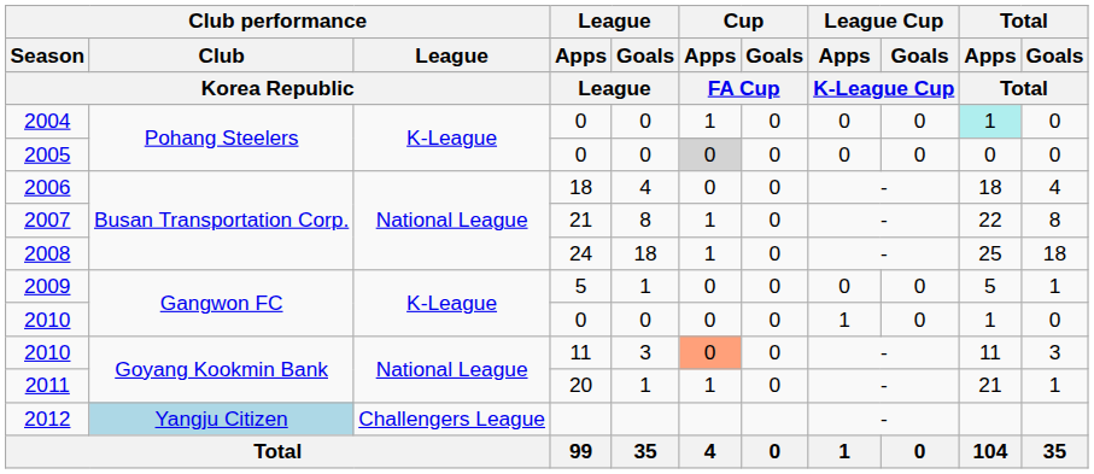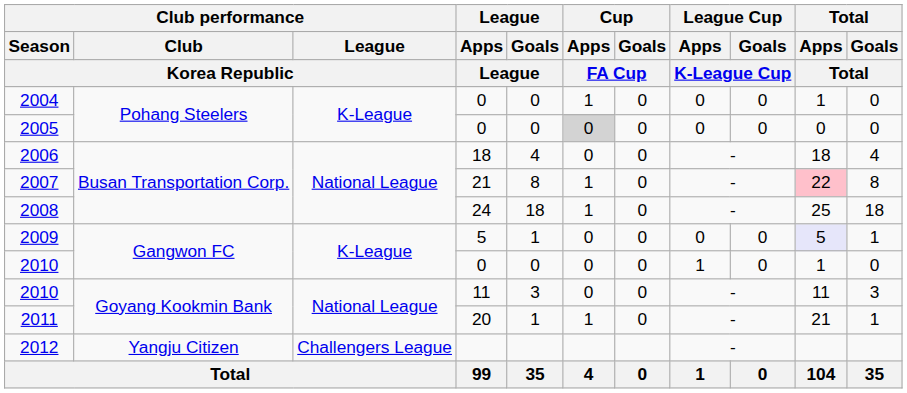 <table class="wikitable" style="text-align:center;">
 <tr>
 <th colspan=3>Club performance</th>
 <th colspan=2>League</th>
 <th colspan=2>Cup</th>
 <th colspan=2>League Cup</th>
 <th colspan=2>Total</th>
 </tr>
 <tr>
 <th>Season</th>
 <th>Club</th>
 <th>League</th>
 <th>Apps</th>
 <th>Goals</th>
 <th>Apps</th>
 <th>Goals</th>
 <th>Apps</th>
 <th>Goals</th>
 <th>Apps</th>
 <th>Goals</th>
 </tr>
 <tr>
 <th colspan=3>Korea Republic</th>
 <th colspan=2>League</th>
 <th colspan=2><a href='#'>FA Cup</a></th>
 <th colspan=2><a href='#'>K-League Cup</a></th>
 <th colspan=2>Total</th>
 </tr>
 <tr>
 <td><a href='#'>2004</a></td>
 <td rowspan=2><a href='#'>Pohang Steelers</a></td>
 <td rowspan=2><a href='#'>K-League</a></td>
 <td>0</td>
 <td>0</td>
 <td>1</td>
 <td>0</td>
 <td>0</td>
 <td>0</td>
-<td style="background: paleturquoise;">1</td>
+<td>1</td>
 <td>0</td>
 </tr>
 <tr>
 <td><a href='#'>2005</a></td>
 <td>0</td>
 <td>0</td>
 <td style="background: lightgrey;">0</td>
 <td>0</td>
 <td>0</td>
 <td>0</td>
 <td>0</td>
 <td>0</td>
 </tr>
 <tr>
 <td><a href='#'>2006</a></td>
 <td rowspan=3><a href='#'>Busan Transportation Corp.</a></td>
 <td rowspan=3><a href='#'>National League</a></td>
 <td>18</td>
 <td>4</td>
 <td>0</td>
 <td>0</td>
 <td colspan=2>-</td>
 <td>18</td>
 <td>4</td>
 </tr>
 <tr>
 <td><a href='#'>2007</a></td>
 <td>21</td>
 <td>8</td>
 <td>1</td>
 <td>0</td>
 <td colspan=2>-</td>
-<td>22</td>
+<td style="background: pink;">22</td>
 <td>8</td>
 </tr>
 <tr>
 <td><a href='#'>2008</a></td>
 <td>24</td>
 <td>18</td>
 <td>1</td>
 <td>0</td>
 <td colspan=2>-</td>
 <td>25</td>
 <td>18</td>
 </tr>
 <tr>
 <td><a href='#'>2009</a></td>
 <td rowspan=2><a href='#'>Gangwon FC</a></td>
 <td rowspan=2><a href='#'>K-League</a></td>
 <td>5</td>
 <td>1</td>
 <td>0</td>
 <td>0</td>
 <td>0</td>
 <td>0</td>
-<td>5</td>
+<td style="background: lavender;">5</td>
 <td>1</td>
 </tr>
 <tr>
 <td><a href='#'>2010</a></td>
 <td>0</td>
 <td>0</td>
 <td>0</td>
 <td>0</td>
 <td>1</td>
 <td>0</td>
 <td>1</td>
 <td>0</td>
 </tr>
 <tr>
 <td><a href='#'>2010</a></td>
 <td rowspan=2><a href='#'>Goyang Kookmin Bank</a></td>
 <td rowspan=2><a href='#'>National League</a></td>
 <td>11</td>
 <td>3</td>
-<td style="background: lightsalmon;">0</td>
+<td>0</td>
 <td>0</td>
 <td colspan=2>-</td>
 <td>11</td>
 <td>3</td>
 </tr>
 <tr>
 <td><a href='#'>2011</a></td>
 <td>20</td>
 <td>1</td>
 <td>1</td>
 <td>0</td>
 <td colspan=2>-</td>
 <td>21</td>
 <td>1</td>
 </tr>
 <tr>
 <td><a href='#'>2012</a></td>
-<td rowspan=1 style="background: lightblue;"><a href='#'>Yangju Citizen</a></td>
+<td rowspan=1><a href='#'>Yangju Citizen</a></td>
 <td rowspan=1><a href='#'>Challengers League</a></td>
 <td></td>
 <td></td>
 <td></td>
 <td></td>
 <td colspan=2>-</td>
 <td></td>
 <td></td>
 </tr>
 <tr>
 <th colspan=3>Total</th>
 <th>99</th>
 <th>35</th>
 <th>4</th>
 <th>0</th>
 <th>1</th>
 <th>0</th>
 <th>104</th>
 <th>35</th>
 </tr>
 </table>
